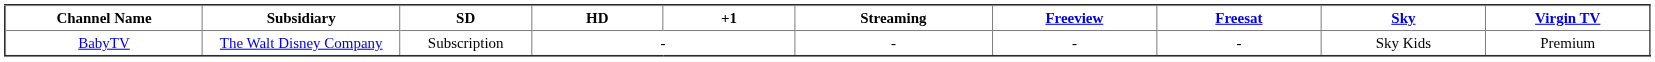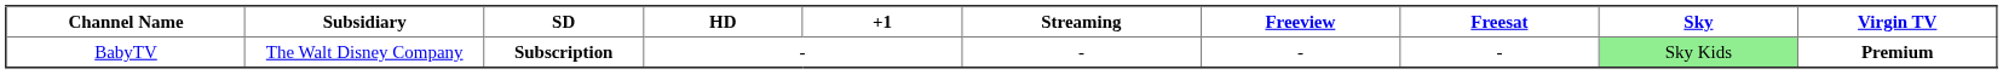 <table class="toccolours " border="2" cellpadding="3" style="border-collapse:collapse; font-size:90%; text-align:center; width:100%;">
 <tr>
 <th style="width:12%;">Channel Name</th>
 <th style="width:12%;">Subsidiary</th>
 <th style="width:8%;">SD</th>
 <th style="width:8%;">HD</th>
 <th style="width:8%;">+1</th>
 <th style="width:12%;">Streaming</th>
 <th style="width:10%;"><a href='#'>Freeview</a></th>
 <th style="width:10%;"><a href='#'>Freesat</a></th>
 <th style="width:10%;"><a href='#'>Sky</a></th>
 <th style="width:10%;"><a href='#'>Virgin TV</a></th>
 </tr>
 <tr>
 <td><a href='#'>BabyTV</a></td>
 <td><a href='#'>The Walt Disney Company</a></td>
-<td>Subscription</td>
+<td><strong>Subscription</strong></td>
 <td colspan="2">-</td>
 <td>-</td>
 <td>-</td>
 <td>-</td>
-<td>Sky Kids</td>
-<td>Premium</td>
+<td style="background: lightgreen;">Sky Kids</td>
+<td><strong>Premium</strong></td>
 </tr>
 </table>
